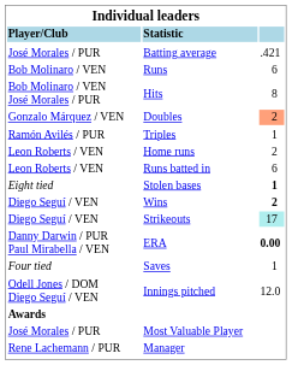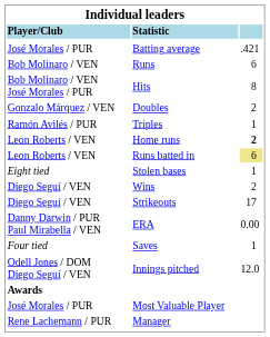 <table cellpadding="1" width="350px" style="font-size: 90%; border: 1px solid gray;">
 <tr align="center" style="font-size: larger;">
 <td colspan=6><strong>Individual leaders</strong></td>
 </tr>
 <tr style="background:lightblue;">
 <td><strong>Player/Club</strong></td>
 <td><strong>Statistic</strong></td>
 <td></td>
 </tr>
 <tr align="center" style="vertical-align: middle;" style="background:lightblue;">
 </tr>
 <tr>
 <td><a href='#'>José Morales</a> / PUR</td>
 <td><a href='#'>Batting average</a></td>
 <td>.421</td>
 </tr>
 <tr>
 <td><a href='#'>Bob Molinaro</a> / VEN</td>
 <td><a href='#'>Runs</a></td>
 <td>     6</td>
 </tr>
 <tr>
 <td><a href='#'>Bob Molinaro</a> / VEN<br><a href='#'>José Morales</a> / PUR</td>
 <td><a href='#'>Hits</a></td>
 <td>    8</td>
 </tr>
 <tr>
 <td><a href='#'>Gonzalo Márquez</a> / VEN</td>
 <td><a href='#'>Doubles</a></td>
-<td style="background: lightsalmon;">     2</td>
+<td>     2</td>
 </tr>
 <tr>
 <td><a href='#'>Ramón Avilés</a> / PUR</td>
 <td><a href='#'>Triples</a></td>
 <td>     1</td>
 </tr>
 <tr>
 <td><a href='#'>Leon Roberts</a> / VEN</td>
 <td><a href='#'>Home runs</a></td>
-<td>     2</td>
+<td><strong>     2</strong></td>
 </tr>
 <tr>
 <td><a href='#'>Leon Roberts</a> / VEN</td>
 <td><a href='#'>Runs batted in</a></td>
-<td>     6</td>
+<td style="background: khaki;">     6</td>
 </tr>
 <tr>
 <td><em>Eight tied</em></td>
 <td><a href='#'>Stolen bases</a></td>
-<td><strong>     1</strong></td>
+<td>     1</td>
 </tr>
 <tr>
 <td><a href='#'>Diego Seguí</a> / VEN</td>
 <td><a href='#'>Wins</a></td>
-<td><strong>    2</strong></td>
+<td>    2</td>
 </tr>
 <tr>
 <td><a href='#'>Diego Seguí</a> / VEN</td>
 <td><a href='#'>Strikeouts</a></td>
-<td style="background: paleturquoise;">  17</td>
+<td>  17</td>
 </tr>
 <tr>
 <td><a href='#'>Danny Darwin</a> / PUR<br><a href='#'>Paul Mirabella</a> / VEN</td>
 <td><a href='#'>ERA</a></td>
-<td><strong>0.00</strong></td>
+<td>0.00</td>
 </tr>
 <tr>
 <td><em>Four tied</em></td>
 <td><a href='#'>Saves</a></td>
 <td>    1</td>
 </tr>
 <tr>
 <td><a href='#'>Odell Jones</a> / DOM<br><a href='#'>Diego Seguí</a> / VEN</td>
 <td><a href='#'>Innings pitched</a></td>
 <td>12.0</td>
 </tr>
 <tr>
 <td><strong>Awards</strong></td>
 </tr>
 <tr>
 <td><a href='#'>José Morales</a> / PUR</td>
 <td><a href='#'>Most Valuable Player</a></td>
 </tr>
 <tr>
 <td><a href='#'>Rene Lachemann</a> / PUR</td>
 <td><a href='#'>Manager</a></td>
 </tr>
 <tr>
 </tr>
 </table>
